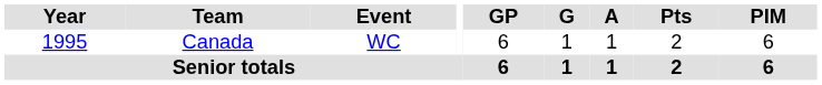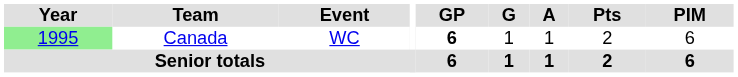 <table border="0" cellpadding="1" cellspacing="0" ID="Table3" style="text-align:center; width:40em">
 <tr bgcolor="#e0e0e0">
 <th>Year</th>
 <th>Team</th>
 <th>Event</th>
 <th rowspan="102" bgcolor="#ffffff"></th>
 <th>GP</th>
 <th>G</th>
 <th>A</th>
 <th>Pts</th>
 <th>PIM</th>
 </tr>
 <tr>
-<td><a href='#'>1995</a></td>
+<td style="background: lightgreen;"><a href='#'>1995</a></td>
 <td><a href='#'>Canada</a></td>
 <td><a href='#'>WC</a></td>
-<td>6</td>
+<td><strong>6</strong></td>
 <td>1</td>
 <td>1</td>
 <td>2</td>
 <td>6</td>
 </tr>
 <tr bgcolor="#e0e0e0">
 <th colspan="4">Senior totals</th>
 <th>6</th>
 <th>1</th>
 <th>1</th>
 <th>2</th>
 <th>6</th>
 </tr>
 </table>
